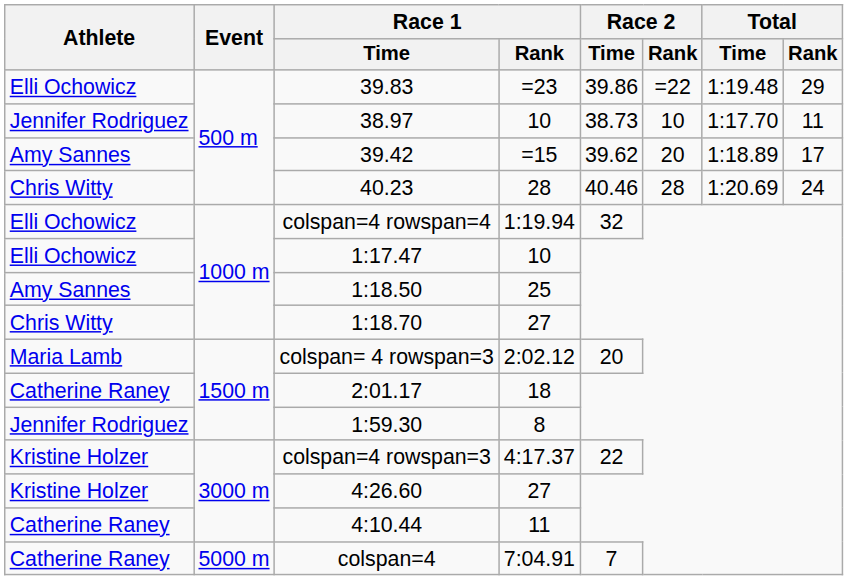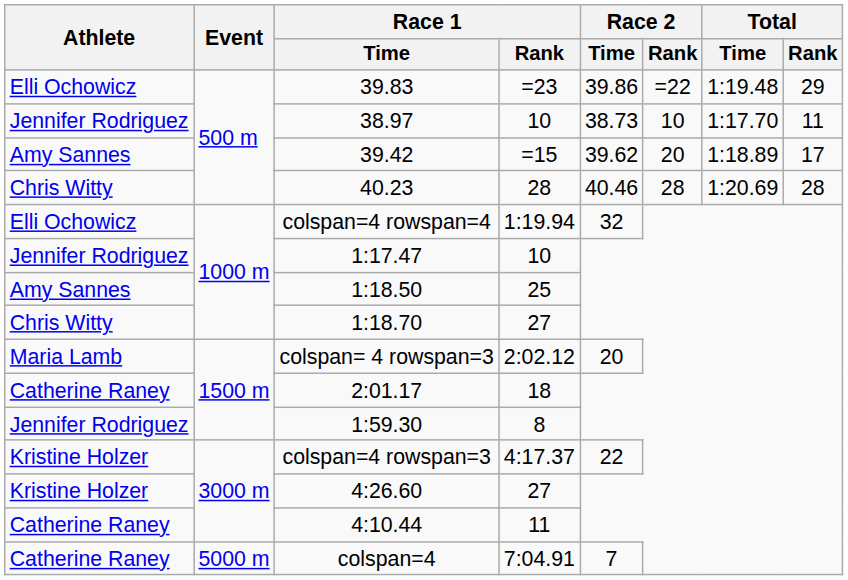 <table class=wikitable style=font-size:90%;text-align:center>
 <tr>
 <th rowspan=2>Athlete</th>
 <th rowspan=2>Event</th>
 <th colspan=2>Race 1</th>
 <th colspan=2>Race 2</th>
 <th colspan=2>Total</th>
 </tr>
 <tr style=font-size:95%>
 <th>Time</th>
 <th>Rank</th>
 <th>Time</th>
 <th>Rank</th>
 <th>Time</th>
 <th>Rank</th>
 </tr>
 <tr>
 <td align=left><a href='#'>Elli Ochowicz</a></td>
 <td align=left rowspan=4><a href='#'>500 m</a></td>
 <td>39.83</td>
 <td>=23</td>
 <td>39.86</td>
 <td>=22</td>
 <td>1:19.48</td>
 <td>29</td>
 </tr>
 <tr>
 <td align=left><a href='#'>Jennifer Rodriguez</a></td>
 <td>38.97</td>
 <td>10</td>
 <td>38.73</td>
 <td>10</td>
 <td>1:17.70</td>
 <td>11</td>
 </tr>
 <tr>
 <td align=left><a href='#'>Amy Sannes</a></td>
 <td>39.42</td>
 <td>=15</td>
 <td>39.62</td>
 <td>20</td>
 <td>1:18.89</td>
 <td>17</td>
 </tr>
 <tr>
 <td align=left><a href='#'>Chris Witty</a></td>
 <td>40.23</td>
 <td>28</td>
 <td>40.46</td>
 <td>28</td>
 <td>1:20.69</td>
-<td>24</td>
+<td>28</td>
 </tr>
 <tr>
 <td align=left><a href='#'>Elli Ochowicz</a></td>
 <td align=left rowspan=4><a href='#'>1000 m</a></td>
 <td>colspan=4 rowspan=4 </td>
 <td>1:19.94</td>
 <td>32</td>
 </tr>
 <tr>
-<td align=left><a href='#'>Elli Ochowicz</a></td>
+<td align=left><a href='#'>Jennifer Rodriguez</a></td>
 <td>1:17.47</td>
 <td>10</td>
 </tr>
 <tr>
 <td align=left><a href='#'>Amy Sannes</a></td>
 <td>1:18.50</td>
 <td>25</td>
 </tr>
 <tr>
 <td align=left><a href='#'>Chris Witty</a></td>
 <td>1:18.70</td>
 <td>27</td>
 </tr>
 <tr>
 <td align=left><a href='#'>Maria Lamb</a></td>
 <td align=left rowspan=3><a href='#'>1500 m</a></td>
 <td>colspan= 4 rowspan=3 </td>
 <td>2:02.12</td>
 <td>20</td>
 </tr>
 <tr>
 <td align=left><a href='#'>Catherine Raney</a></td>
 <td>2:01.17</td>
 <td>18</td>
 </tr>
 <tr>
 <td align=left><a href='#'>Jennifer Rodriguez</a></td>
 <td>1:59.30</td>
 <td>8</td>
 </tr>
 <tr>
 <td align=left><a href='#'>Kristine Holzer</a></td>
 <td align=left rowspan=3><a href='#'>3000 m</a></td>
 <td>colspan=4 rowspan=3 </td>
 <td>4:17.37</td>
 <td>22</td>
 </tr>
 <tr>
 <td align=left><a href='#'>Kristine Holzer</a></td>
 <td>4:26.60</td>
 <td>27</td>
 </tr>
 <tr>
 <td align=left><a href='#'>Catherine Raney</a></td>
 <td>4:10.44</td>
 <td>11</td>
 </tr>
 <tr>
 <td align=left><a href='#'>Catherine Raney</a></td>
 <td><a href='#'>5000 m</a></td>
 <td>colspan=4 </td>
 <td>7:04.91</td>
 <td>7</td>
 </tr>
 </table>
